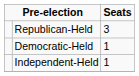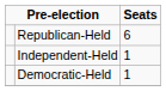 <table class= "wikitable">
 <tr>
 <td colspan= "2" rowspan= "1" align= "center" valign= "top"><strong>Pre-election</strong></td>
 <td valign= "top"><strong>Seats</strong><br></td>
 </tr>
 <tr>
 <td style="background-color:"> </td>
 <td>Republican-Held</td>
-<td>3</td>
+<td>6</td>
+</tr>
+<tr>
+<td style="background-color:"> </td>
+<td>Independent-Held</td>
+<td>1</td>
 </tr>
 <tr>
 <td style="background-color:"> </td>
 <td>Democratic-Held</td>
 <td>1</td>
 </tr>
 <tr>
-<td style="background-color:"> </td>
-<td>Independent-Held</td>
-<td>1</td>
-</tr>
-<tr>
 </tr>
 </table>
